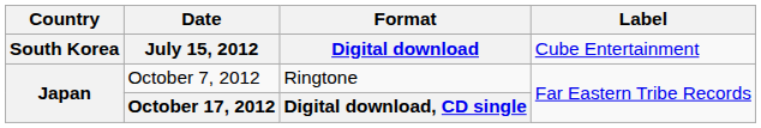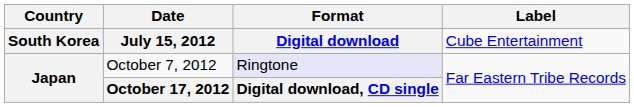 <table class="wikitable plainrowheaders">
 <tr>
 <th scope="col">Country</th>
 <th>Date</th>
 <th>Format</th>
 <th>Label</th>
 </tr>
 <tr>
 <th scope="row" rowspan="1">South Korea</th>
 <th scope="row" rowspan="1">July 15, 2012</th>
 <th scope="row" rowspan="1"><a href='#'>Digital download</a></th>
 <td rowspan="1"><a href='#'>Cube Entertainment</a></td>
 </tr>
 <tr>
 <th scope="row" rowspan="2">Japan</th>
 <td>October 7, 2012</td>
-<td>Ringtone</td>
+<td style="background: lavender;">Ringtone</td>
 <td rowspan="2"><a href='#'>Far Eastern Tribe Records</a></td>
 </tr>
 <tr>
 <th scope="row" rowspan="1">October 17, 2012</th>
 <th scope="row" rowspan="1">Digital download, <a href='#'>CD single</a></th>
 </tr>
 </table>
